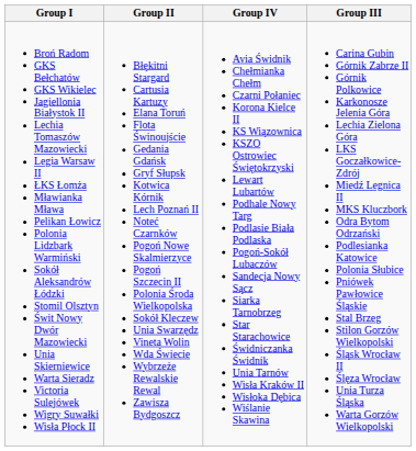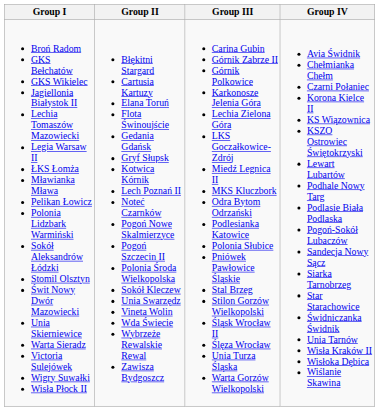 <table class="wikitable">
 <tr>
 <th>Group I</th>
 <th>Group II</th>
+<th>Group III</th>
 <th>Group IV</th>
-<th>Group III</th>
 </tr>
 <tr>
 <td><br><ul><li><a href='#'>Broń Radom</a></li><li><a href='#'>GKS Bełchatów</a></li><li><a href='#'>GKS Wikielec</a></li><li><a href='#'>Jagiellonia Białystok II</a></li><li><a href='#'>Lechia Tomaszów Mazowiecki</a></li><li><a href='#'>Legia Warsaw II</a></li><li><a href='#'>ŁKS Łomża</a></li><li><a href='#'>Mławianka Mława</a></li><li><a href='#'>Pelikan Łowicz</a></li><li><a href='#'>Polonia Lidzbark Warmiński</a></li><li><a href='#'>Sokół Aleksandrów Łódzki</a></li><li><a href='#'>Stomil Olsztyn</a></li><li><a href='#'>Świt Nowy Dwór Mazowiecki</a></li><li><a href='#'>Unia Skierniewice</a></li><li><a href='#'>Warta Sieradz</a></li><li><a href='#'>Victoria Sulejówek</a></li><li><a href='#'>Wigry Suwałki</a></li><li><a href='#'>Wisła Płock II</a></li></ul></td>
 <td><br><ul><li><a href='#'>Błękitni Stargard</a></li><li><a href='#'>Cartusia Kartuzy</a></li><li><a href='#'>Elana Toruń</a></li><li><a href='#'>Flota Świnoujście</a></li><li><a href='#'>Gedania Gdańsk</a></li><li><a href='#'>Gryf Słupsk</a></li><li><a href='#'>Kotwica Kórnik</a></li><li><a href='#'>Lech Poznań II</a></li><li><a href='#'>Noteć Czarnków</a></li><li><a href='#'>Pogoń Nowe Skalmierzyce</a></li><li><a href='#'>Pogoń Szczecin II</a></li><li><a href='#'>Polonia Środa Wielkopolska</a></li><li><a href='#'>Sokół Kleczew</a></li><li><a href='#'>Unia Swarzędz</a></li><li><a href='#'>Vineta Wolin</a></li><li><a href='#'>Wda Świecie</a></li><li><a href='#'>Wybrzeże Rewalskie Rewal</a></li><li><a href='#'>Zawisza Bydgoszcz</a></li></ul></td>
+<td><br><ul><li><a href='#'>Carina Gubin</a></li><li><a href='#'>Górnik Zabrze II</a></li><li><a href='#'>Górnik Polkowice</a></li><li><a href='#'>Karkonosze Jelenia Góra</a></li><li><a href='#'>Lechia Zielona Góra</a></li><li><a href='#'>LKS Goczałkowice-Zdrój</a></li><li><a href='#'>Miedź Legnica II</a></li><li><a href='#'>MKS Kluczbork</a></li><li><a href='#'>Odra Bytom Odrzański</a></li><li><a href='#'>Podlesianka Katowice</a></li><li><a href='#'>Polonia Słubice</a></li><li><a href='#'>Pniówek Pawłowice Śląskie</a></li><li><a href='#'>Stal Brzeg</a></li><li><a href='#'>Stilon Gorzów Wielkopolski</a></li><li><a href='#'>Śląsk Wrocław II</a></li><li><a href='#'>Ślęza Wrocław</a></li><li><a href='#'>Unia Turza Śląska</a></li><li><a href='#'>Warta Gorzów Wielkopolski</a></li></ul></td>
 <td><br><ul><li><a href='#'>Avia Świdnik</a></li><li><a href='#'>Chełmianka Chełm</a></li><li><a href='#'>Czarni Połaniec</a></li><li><a href='#'>Korona Kielce II</a></li><li><a href='#'>KS Wiązownica</a></li><li><a href='#'>KSZO Ostrowiec Świętokrzyski</a></li><li><a href='#'>Lewart Lubartów</a></li><li><a href='#'>Podhale Nowy Targ</a></li><li><a href='#'>Podlasie Biała Podlaska</a></li><li><a href='#'>Pogoń-Sokół Lubaczów</a></li><li><a href='#'>Sandecja Nowy Sącz</a></li><li><a href='#'>Siarka Tarnobrzeg</a></li><li><a href='#'>Star Starachowice</a></li><li><a href='#'>Świdniczanka Świdnik</a></li><li><a href='#'>Unia Tarnów</a></li><li><a href='#'>Wisła Kraków II</a></li><li><a href='#'>Wisłoka Dębica</a></li><li><a href='#'>Wiślanie Skawina</a></li></ul></td>
-<td><br><ul><li><a href='#'>Carina Gubin</a></li><li><a href='#'>Górnik Zabrze II</a></li><li><a href='#'>Górnik Polkowice</a></li><li><a href='#'>Karkonosze Jelenia Góra</a></li><li><a href='#'>Lechia Zielona Góra</a></li><li><a href='#'>LKS Goczałkowice-Zdrój</a></li><li><a href='#'>Miedź Legnica II</a></li><li><a href='#'>MKS Kluczbork</a></li><li><a href='#'>Odra Bytom Odrzański</a></li><li><a href='#'>Podlesianka Katowice</a></li><li><a href='#'>Polonia Słubice</a></li><li><a href='#'>Pniówek Pawłowice Śląskie</a></li><li><a href='#'>Stal Brzeg</a></li><li><a href='#'>Stilon Gorzów Wielkopolski</a></li><li><a href='#'>Śląsk Wrocław II</a></li><li><a href='#'>Ślęza Wrocław</a></li><li><a href='#'>Unia Turza Śląska</a></li><li><a href='#'>Warta Gorzów Wielkopolski</a></li></ul></td>
 </tr>
 </table>
